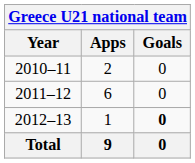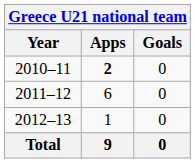 <table class="wikitable" style="text-align:center">
 <tr>
 <th colspan=3><a href='#'>Greece U21 national team</a></th>
 </tr>
 <tr>
 <th>Year</th>
 <th>Apps</th>
 <th>Goals</th>
 </tr>
 <tr>
 <td>2010–11</td>
-<td>2</td>
+<td><strong>2</strong></td>
 <td>0</td>
 </tr>
 <tr>
 <td>2011–12</td>
 <td>6</td>
 <td>0</td>
 </tr>
 <tr>
 <td>2012–13</td>
 <td>1</td>
-<td><strong>0</strong></td>
+<td>0</td>
 </tr>
 <tr>
 <th>Total</th>
 <th>9</th>
 <th>0</th>
 </tr>
 </table>
